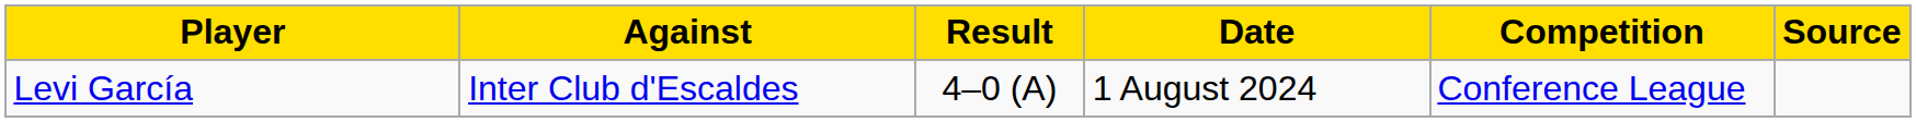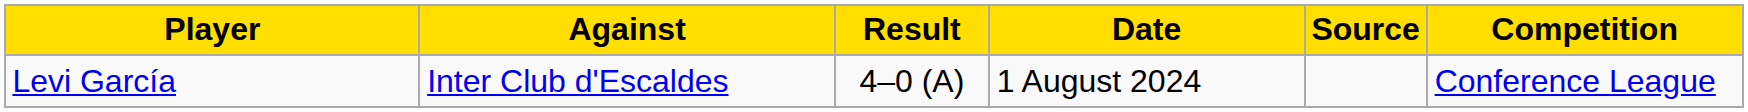 <table class="wikitable">
 <tr>
 <th width=200 style="background:#FFDE00">Player</th>
 <th width=200 style="background:#FFDE00">Against</th>
 <th width=70 style="background:#FFDE00">Result</th>
 <th width=150 style="background:#FFDE00">Date</th>
+<th style="background:#FFDE00">Source</th>
 <th width=150 style="background:#FFDE00">Competition</th>
-<th style="background:#FFDE00">Source</th>
 </tr>
 <tr>
 <td> <a href='#'>Levi García</a></td>
 <td> <a href='#'>Inter Club d'Escaldes</a></td>
 <td align=center>4–0 (A)</td>
 <td>1 August 2024</td>
+<td align=center></td>
 <td><a href='#'>Conference League</a></td>
-<td align=center></td>
 </tr>
 </table>
